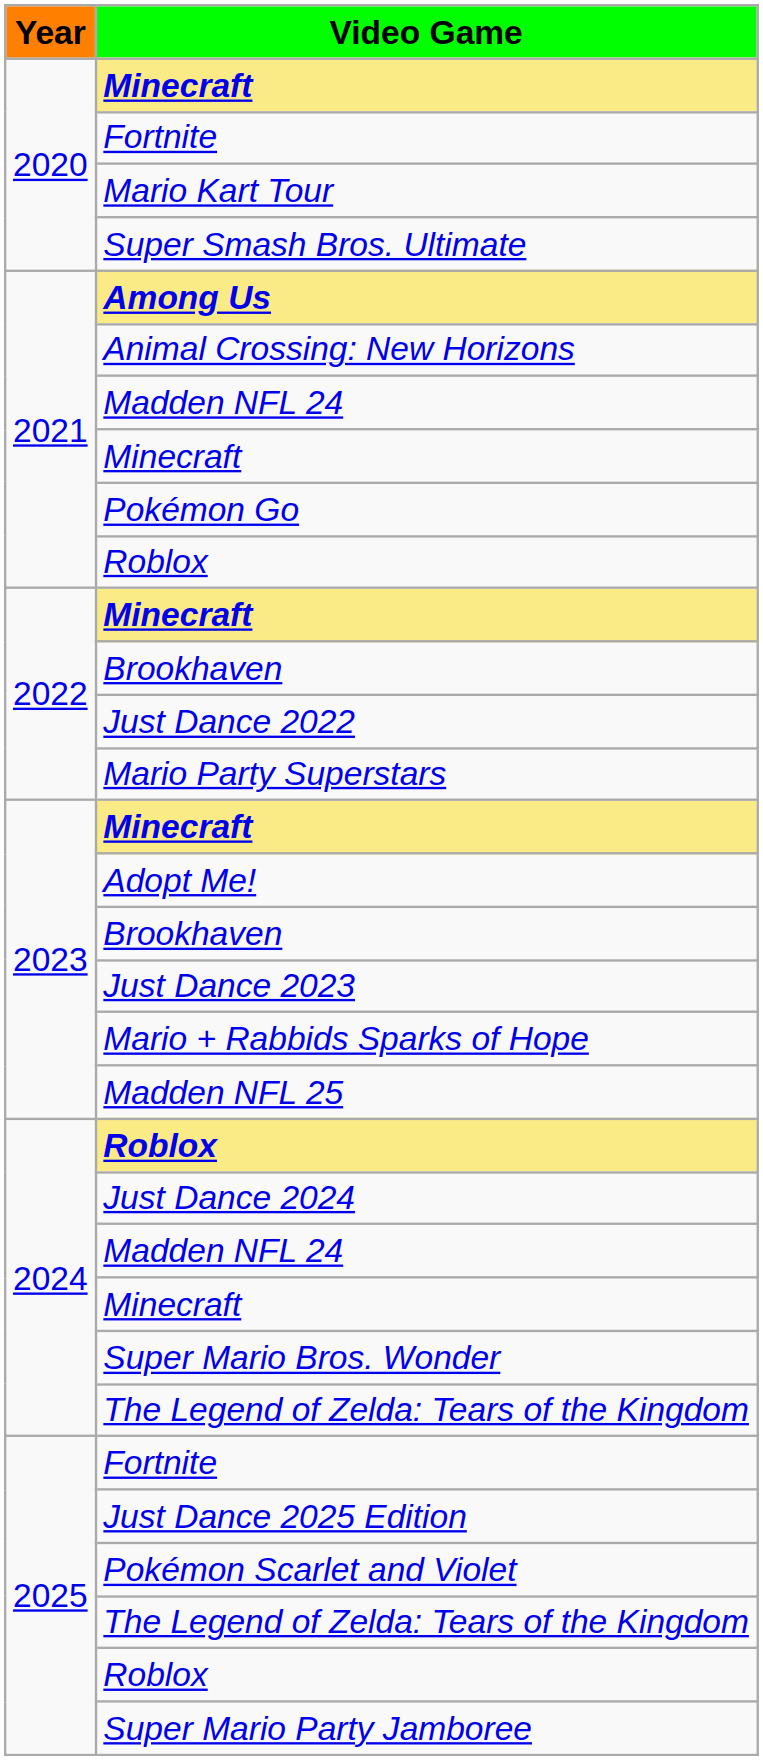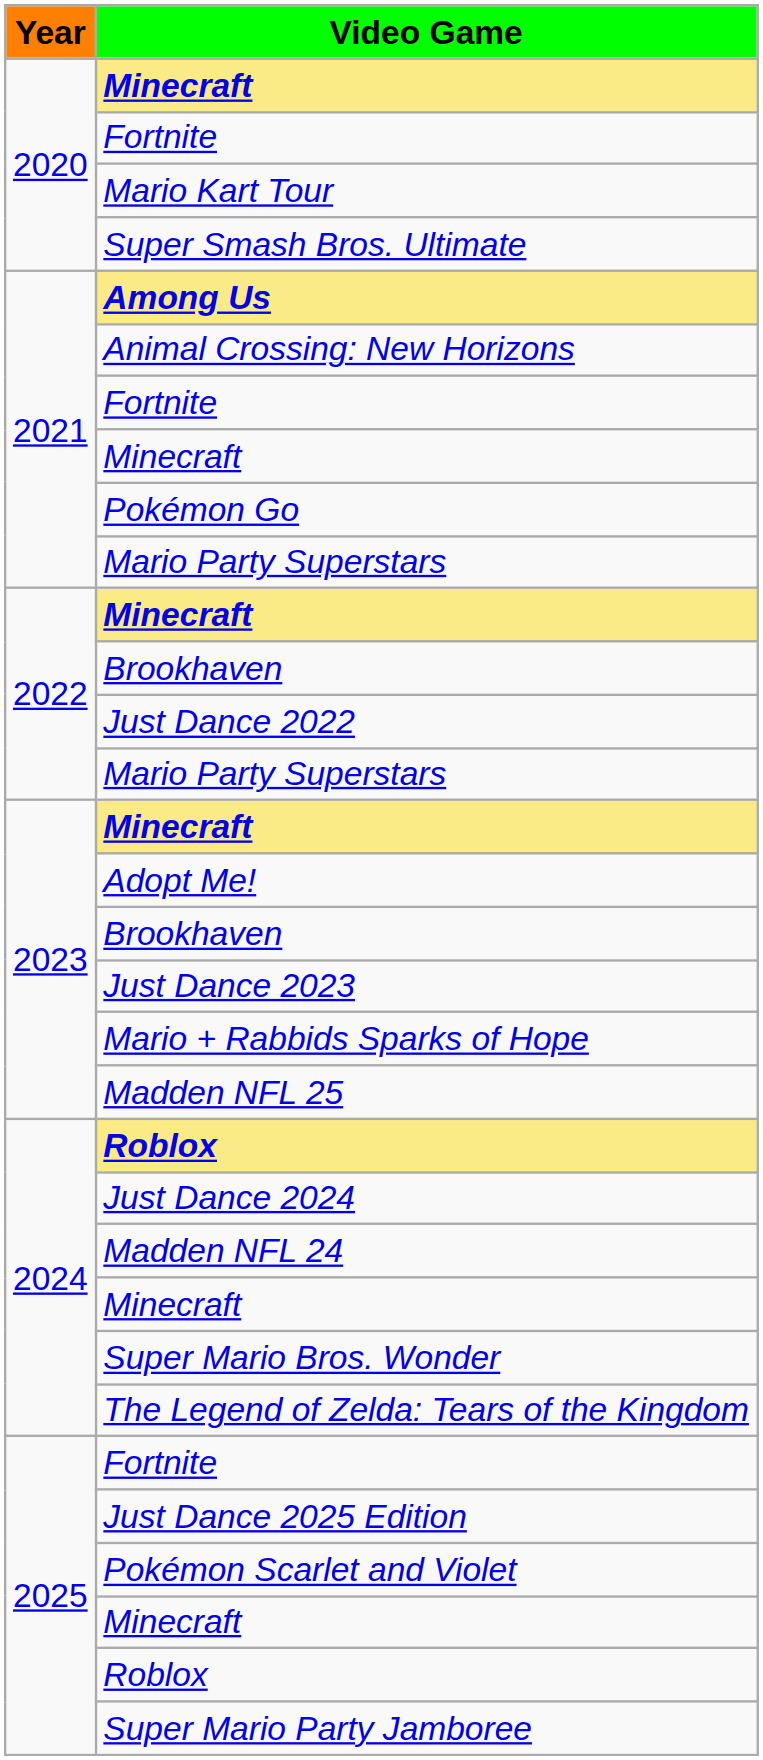 <table class="wikitable" style="font-size:90%;">
 <tr>
 <th style="background:#FF7F00;">Year</th>
 <th style="background:#00FF00;">Video Game</th>
 </tr>
 <tr>
 <td rowspan="4"><a href='#'>2020</a></td>
 <td style="background:#FAEB86;"><strong><em><a href='#'>Minecraft</a></em></strong> </td>
 </tr>
 <tr>
 <td><em><a href='#'>Fortnite</a></em></td>
 </tr>
 <tr>
 <td><em><a href='#'>Mario Kart Tour</a></em></td>
 </tr>
 <tr>
 <td><em><a href='#'>Super Smash Bros. Ultimate</a></em></td>
 </tr>
 <tr>
 <td rowspan="6"><a href='#'>2021</a></td>
 <td style="background:#FAEB86;"><strong><em><a href='#'>Among Us</a></em></strong> </td>
 </tr>
 <tr>
 <td><em><a href='#'>Animal Crossing: New Horizons</a></em></td>
 </tr>
 <tr>
-<td><em><a href='#'>Madden NFL 24</a></em></td>
+<td><em><a href='#'>Fortnite</a></em></td>
 </tr>
 <tr>
 <td><em><a href='#'>Minecraft</a></em></td>
 </tr>
 <tr>
 <td><em><a href='#'>Pokémon Go</a></em></td>
 </tr>
 <tr>
-<td><em><a href='#'>Roblox</a></em></td>
+<td><em><a href='#'>Mario Party Superstars</a></em></td>
 </tr>
 <tr>
 <td rowspan="4"><a href='#'>2022</a></td>
 <td style="background:#FAEB86;"><strong><em><a href='#'>Minecraft</a></em></strong> </td>
 </tr>
 <tr>
 <td><em><a href='#'>Brookhaven</a></em></td>
 </tr>
 <tr>
 <td><em><a href='#'>Just Dance 2022</a></em></td>
 </tr>
 <tr>
 <td><em><a href='#'>Mario Party Superstars</a></em></td>
 </tr>
 <tr>
 <td rowspan="6"><a href='#'>2023</a></td>
 <td style="background:#FAEB86;"><strong><em><a href='#'>Minecraft</a></em></strong> </td>
 </tr>
 <tr>
 <td><em><a href='#'>Adopt Me!</a></em></td>
 </tr>
 <tr>
 <td><em><a href='#'>Brookhaven</a></em></td>
 </tr>
 <tr>
 <td><em><a href='#'>Just Dance 2023</a></em></td>
 </tr>
 <tr>
 <td><em><a href='#'>Mario + Rabbids Sparks of Hope</a></em></td>
 </tr>
 <tr>
 <td><em><a href='#'>Madden NFL 25</a></em></td>
 </tr>
 <tr>
 <td rowspan="6"><a href='#'>2024</a></td>
 <td style="background:#FAEB86;"><strong><em><a href='#'>Roblox</a></em></strong> </td>
 </tr>
 <tr>
 <td><em><a href='#'>Just Dance 2024</a></em></td>
 </tr>
 <tr>
 <td><em><a href='#'>Madden NFL 24</a></em></td>
 </tr>
 <tr>
 <td><em><a href='#'>Minecraft</a></em></td>
 </tr>
 <tr>
 <td><em><a href='#'>Super Mario Bros. Wonder</a></em></td>
 </tr>
 <tr>
 <td><em><a href='#'>The Legend of Zelda: Tears of the Kingdom</a></em></td>
 </tr>
 <tr>
 <td rowspan="6"><a href='#'>2025</a></td>
 <td><em><a href='#'>Fortnite</a></em></td>
 </tr>
 <tr>
 <td><em><a href='#'>Just Dance 2025 Edition</a></em></td>
 </tr>
 <tr>
 <td><em><a href='#'>Pokémon Scarlet and Violet</a></em></td>
 </tr>
 <tr>
-<td><em><a href='#'>The Legend of Zelda: Tears of the Kingdom</a></em></td>
+<td><em><a href='#'>Minecraft</a></em></td>
 </tr>
 <tr>
 <td><em><a href='#'>Roblox</a></em></td>
 </tr>
 <tr>
 <td><em><a href='#'>Super Mario Party Jamboree</a></em></td>
 </tr>
 </table>
